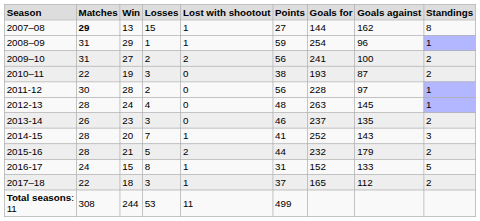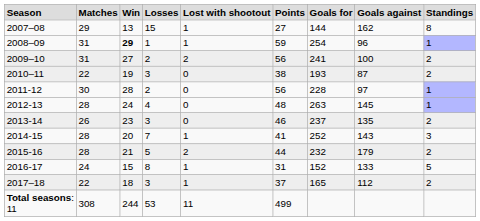 <table class="wikitable" style="text-align:left; font-size:90%;">
 <tr align="left" style="font-weight:bold; background-color:#dddddd;" |>
 <td align="left">Season</td>
 <td>Matches</td>
 <td>Win</td>
 <td>Losses</td>
 <td>Lost with shootout</td>
 <td>Points</td>
 <td>Goals for</td>
 <td>Goals against</td>
 <td>Standings</td>
 </tr>
 <tr align="Left">
 <td align="left">2007–08</td>
-<td><strong>29</strong></td>
+<td>29</td>
 <td>13</td>
 <td>15</td>
 <td>1</td>
 <td>27</td>
 <td>144</td>
 <td>162</td>
 <td>8</td>
 </tr>
 <tr align="Left">
 <td align="left">2008–09</td>
 <td>31</td>
-<td>29</td>
+<td><strong>29</strong></td>
 <td>1</td>
 <td>1</td>
 <td>59</td>
 <td>254</td>
 <td>96</td>
 <td bgcolor="B3B7FF">1</td>
 </tr>
 <tr align="Left" bgcolor="#eeeeee">
 <td align="left">2009–10</td>
 <td>31</td>
 <td>27</td>
 <td>2</td>
 <td>2</td>
 <td>56</td>
 <td>241</td>
 <td>100</td>
 <td>2</td>
 </tr>
 <tr align="Left" bgcolor="#eeeeee">
 <td align="left">2010–11</td>
 <td>22</td>
 <td>19</td>
 <td>3</td>
 <td>0</td>
 <td>38</td>
 <td>193</td>
 <td>87</td>
 <td>2</td>
 </tr>
 <tr align="Left">
 <td align="left">2011-12</td>
 <td>30</td>
 <td>28</td>
 <td>2</td>
 <td>0</td>
 <td>56</td>
 <td>228</td>
 <td>97</td>
 <td bgcolor="B3B7FF">1</td>
 </tr>
 <tr align="Left">
 <td align="left">2012-13</td>
 <td>28</td>
 <td>24</td>
 <td>4</td>
 <td>0</td>
 <td>48</td>
 <td>263</td>
 <td>145</td>
 <td bgcolor="B3B7FF">1</td>
 </tr>
 <tr align="Left" bgcolor="#eeeeee">
 <td align="left">2013-14</td>
 <td>26</td>
 <td>23</td>
 <td>3</td>
 <td>0</td>
 <td>46</td>
 <td>237</td>
 <td>135</td>
 <td>2</td>
 </tr>
 <tr align="Left">
 <td align="left">2014-15</td>
 <td>28</td>
 <td>20</td>
 <td>7</td>
 <td>1</td>
 <td>41</td>
 <td>252</td>
 <td>143</td>
 <td>3</td>
 </tr>
 <tr align="Left" bgcolor="#eeeeee">
 <td align="left">2015-16</td>
 <td>28</td>
 <td>21</td>
 <td>5</td>
 <td>2</td>
 <td>44</td>
 <td>232</td>
 <td>179</td>
 <td>2</td>
 </tr>
 <tr align="Left">
 <td align="left">2016-17</td>
 <td>24</td>
 <td>15</td>
 <td>8</td>
 <td>1</td>
 <td>31</td>
 <td>152</td>
 <td>133</td>
 <td>5</td>
 </tr>
 <tr align="Left" bgcolor="#eeeeee">
 <td align="left">2017–18</td>
 <td>22</td>
 <td>18</td>
 <td>3</td>
 <td>1</td>
 <td>37</td>
 <td>165</td>
 <td>112</td>
 <td>2</td>
 </tr>
 <tr align="Left">
 <td align="left"><strong>Total seasons</strong>:<br>11</td>
 <td>308</td>
 <td>244</td>
 <td>53</td>
 <td>11</td>
 <td>499</td>
 <td></td>
 <td></td>
 <td></td>
 </tr>
 </table>
